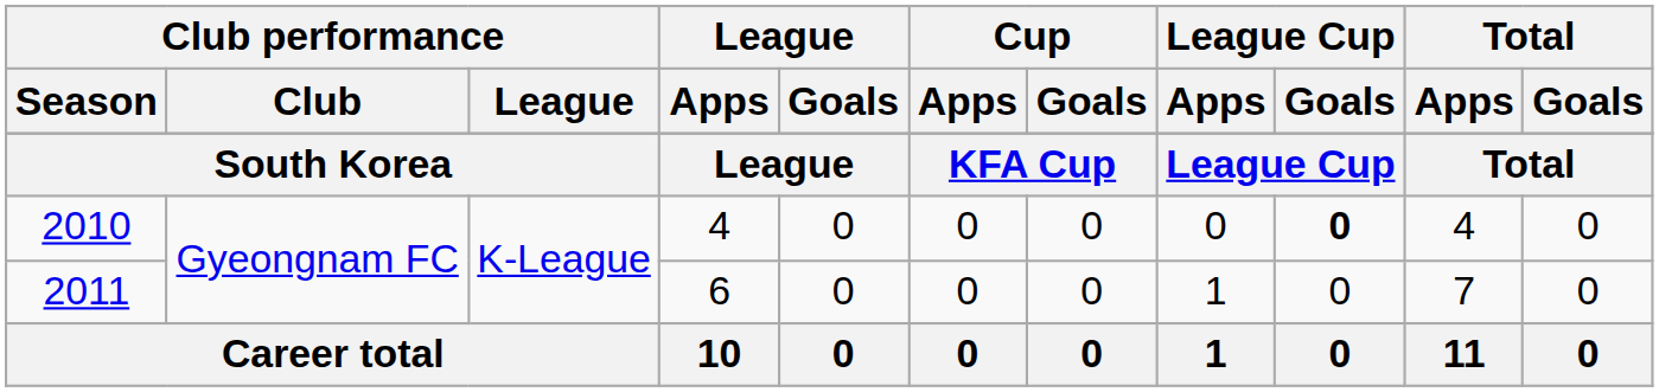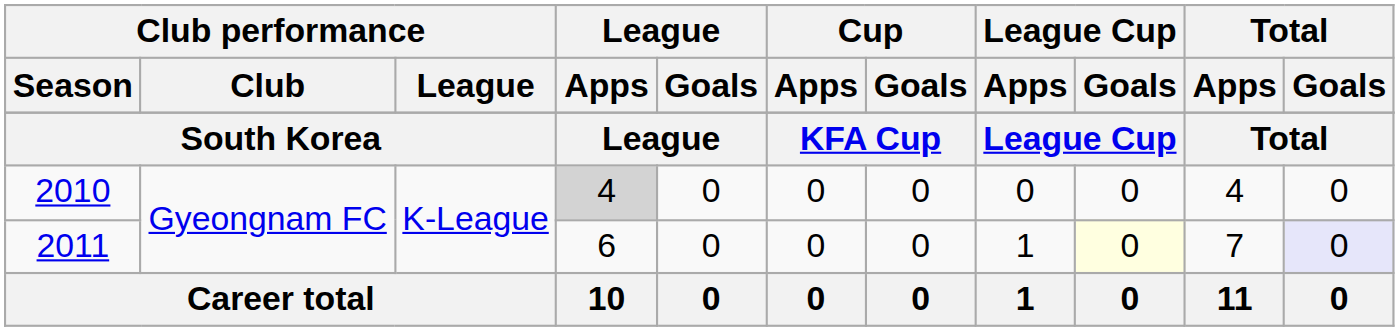 <table class="wikitable" style="text-align:center">
 <tr>
 <th colspan=3>Club performance</th>
 <th colspan=2>League</th>
 <th colspan=2>Cup</th>
 <th colspan=2>League Cup</th>
 <th colspan=2>Total</th>
 </tr>
 <tr>
 <th>Season</th>
 <th>Club</th>
 <th>League</th>
 <th>Apps</th>
 <th>Goals</th>
 <th>Apps</th>
 <th>Goals</th>
 <th>Apps</th>
 <th>Goals</th>
 <th>Apps</th>
 <th>Goals</th>
 </tr>
 <tr>
 </tr>
 <tr>
 <th colspan=3>South Korea</th>
 <th colspan=2>League</th>
 <th colspan=2><a href='#'>KFA Cup</a></th>
 <th colspan=2><a href='#'>League Cup</a></th>
 <th colspan=2>Total</th>
 </tr>
 <tr>
 <td><a href='#'>2010</a></td>
 <td rowspan="2"><a href='#'>Gyeongnam FC</a></td>
 <td rowspan="2"><a href='#'>K-League</a></td>
-<td>4</td>
+<td style="background: lightgrey;">4</td>
 <td>0</td>
 <td>0</td>
 <td>0</td>
 <td>0</td>
-<td><strong>0</strong></td>
+<td>0</td>
 <td>4</td>
 <td>0</td>
 </tr>
 <tr>
 <td><a href='#'>2011</a></td>
 <td>6</td>
 <td>0</td>
 <td>0</td>
 <td>0</td>
 <td>1</td>
-<td>0</td>
+<td style="background: lightyellow;">0</td>
 <td>7</td>
-<td>0</td>
+<td style="background: lavender;">0</td>
 </tr>
 <tr>
 <th colspan=3>Career total</th>
 <th>10</th>
 <th>0</th>
 <th>0</th>
 <th>0</th>
 <th>1</th>
 <th>0</th>
 <th>11</th>
 <th>0</th>
 </tr>
 </table>
